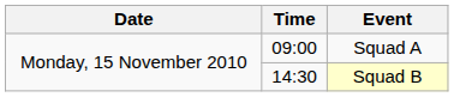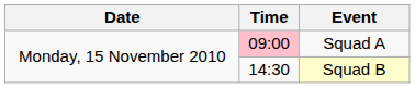 <table class = "wikitable" style="text-align:center;">
 <tr>
 <th width=220>Date</th>
 <th width=50>Time</th>
 <th width=100>Event</th>
 </tr>
 <tr>
 <td rowspan=2>Monday, 15 November 2010</td>
-<td>09:00</td>
+<td style="background: pink;">09:00</td>
 <td>Squad A</td>
 </tr>
 <tr>
 <td>14:30</td>
 <td bgcolor=ffffcc>Squad B</td>
 </tr>
 </table>
